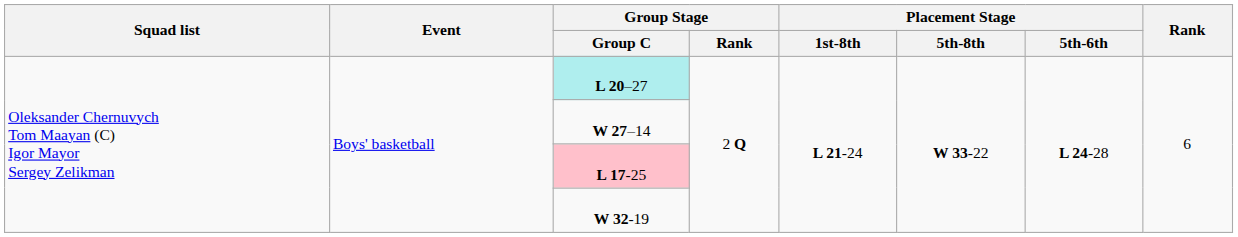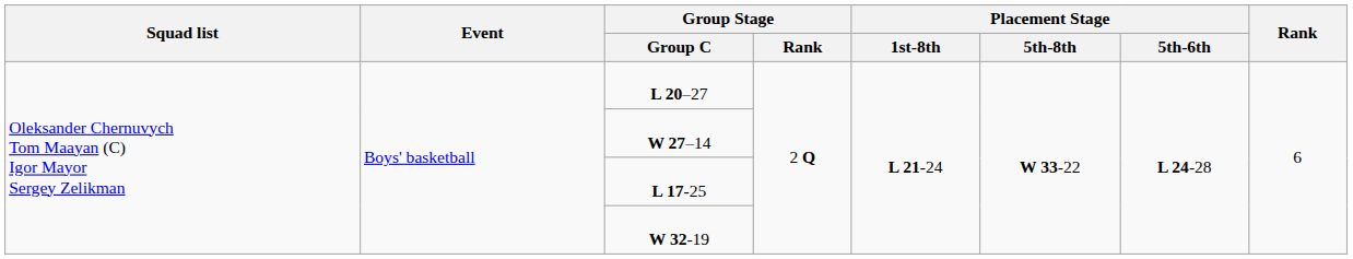 <table class="wikitable" width="90%" style="text-align:left; font-size:90%">
 <tr>
 <th rowspan="2">Squad list</th>
 <th rowspan="2">Event</th>
 <th colspan="2">Group Stage</th>
 <th colspan="3">Placement Stage</th>
 <th rowspan="2">Rank</th>
 </tr>
 <tr>
 <th>Group C</th>
 <th>Rank</th>
 <th>1st-8th</th>
 <th>5th-8th</th>
 <th>5th-6th</th>
 </tr>
 <tr align=center>
 <td rowspan="4" align=left><a href='#'>Oleksander Chernuvych</a><br><a href='#'>Tom Maayan</a> (C)<br><a href='#'>Igor Mayor</a><br><a href='#'>Sergey Zelikman</a></td>
 <td rowspan="4" align=left><a href='#'>Boys' basketball</a></td>
-<td style="background: paleturquoise;"><br><strong>L 20</strong>–27</td>
+<td><br><strong>L 20</strong>–27</td>
 <td rowspan="4" align=center>2 <strong>Q</strong></td>
 <td rowspan="4"><br> <strong>L 21</strong>-24</td>
 <td rowspan="4"><br> <strong>W 33</strong>-22</td>
 <td rowspan="4"><br> <strong>L 24</strong>-28</td>
 <td rowspan="4" align="center">6</td>
 </tr>
 <tr align=center>
 <td><br><strong>W 27</strong>–14</td>
 </tr>
 <tr align=center>
-<td style="background: pink;"><br><strong>L 17</strong>-25</td>
+<td><br><strong>L 17</strong>-25</td>
 </tr>
 <tr align=center>
 <td><br><strong>W 32</strong>-19</td>
 </tr>
 </table>
